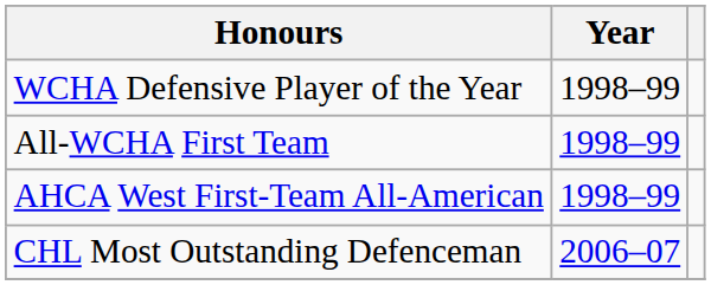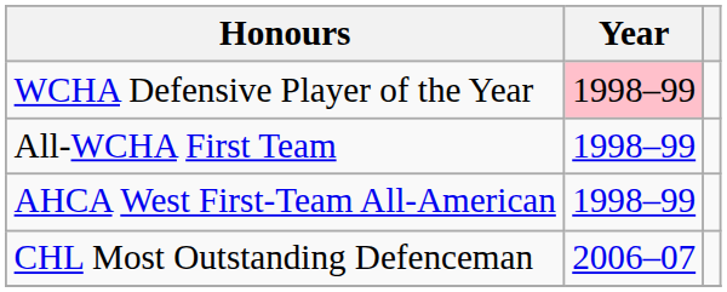 <table class="wikitable">
 <tr>
 <th>Honours</th>
 <th>Year</th>
 <th></th>
 </tr>
 <tr>
 <td><a href='#'>WCHA</a> Defensive Player of the Year</td>
-<td>1998–99</td>
+<td style="background: pink;">1998–99</td>
 <td></td>
 </tr>
 <tr>
 <td>All-<a href='#'>WCHA</a> <a href='#'>First Team</a></td>
 <td><a href='#'>1998–99</a></td>
 <td></td>
 </tr>
 <tr>
 <td><a href='#'>AHCA</a> <a href='#'>West First-Team All-American</a></td>
 <td><a href='#'>1998–99</a></td>
 <td></td>
 </tr>
 <tr>
 <td><a href='#'>CHL</a> Most Outstanding Defenceman</td>
 <td><a href='#'>2006–07</a></td>
 <td></td>
 </tr>
 <tr>
 </tr>
 </table>
